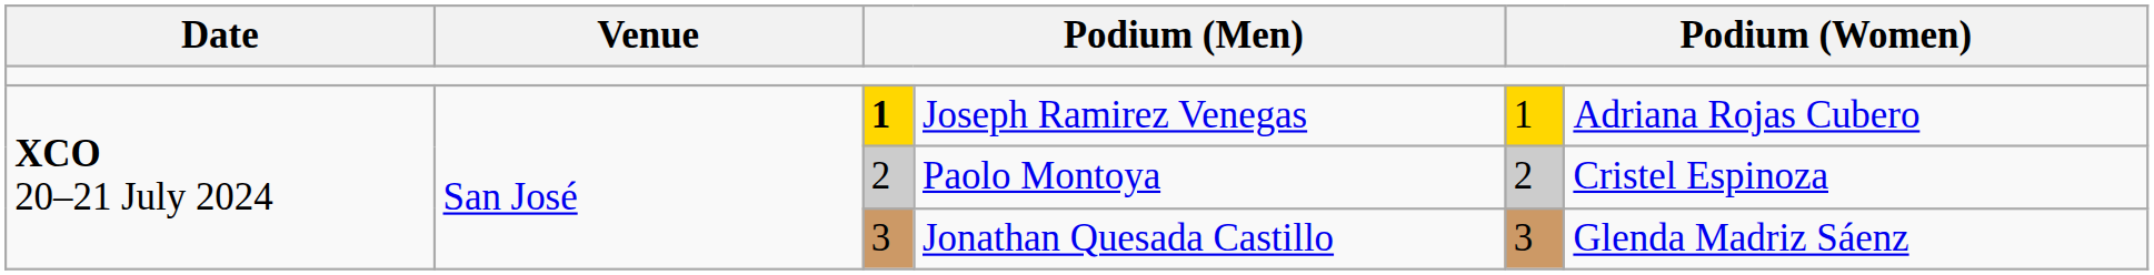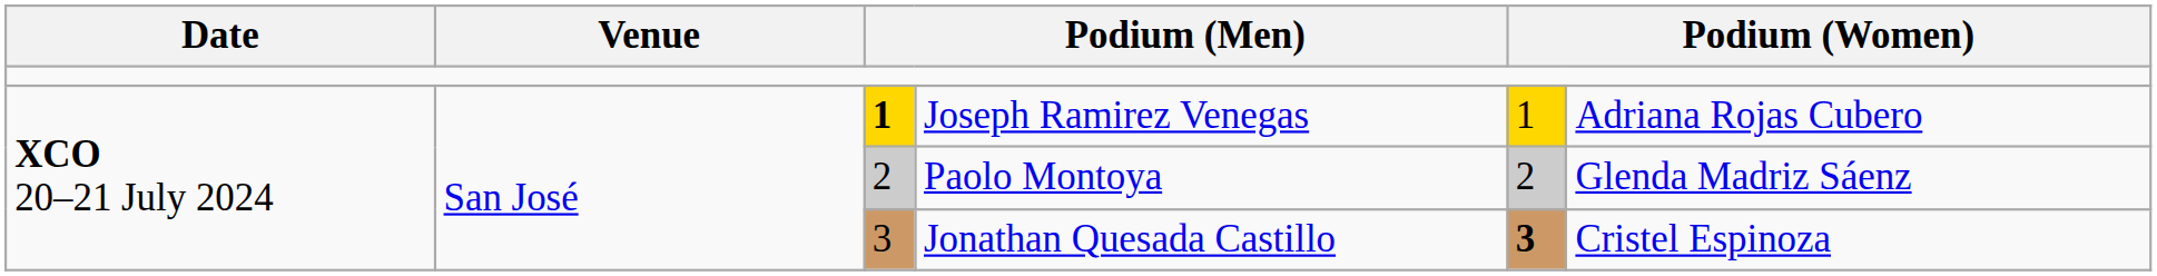 <table class="wikitable" width=70%>
 <tr>
 <th>Date</th>
 <th width=20%>Venue</th>
 <th colspan=2 width=30%>Podium (Men)</th>
 <th colspan=2 width=30%>Podium (Women)</th>
 </tr>
 <tr>
 <td colspan=6></td>
 </tr>
 <tr>
 <td rowspan=3><strong>XCO</strong> <br> 20–21 July 2024</td>
 <td rowspan=3><br><a href='#'>San José</a></td>
 <td bgcolor=FFD700><strong>1</strong></td>
 <td><a href='#'>Joseph Ramirez Venegas</a></td>
 <td bgcolor=FFD700>1</td>
 <td><a href='#'>Adriana Rojas Cubero</a></td>
 </tr>
 <tr>
 <td bgcolor=CCCCCC>2</td>
 <td><a href='#'>Paolo Montoya</a></td>
 <td bgcolor=CCCCCC>2</td>
-<td><a href='#'>Cristel Espinoza</a></td>
+<td><a href='#'>Glenda Madriz Sáenz</a></td>
 </tr>
 <tr>
 <td bgcolor=CC9966>3</td>
 <td><a href='#'>Jonathan Quesada Castillo</a></td>
-<td bgcolor=CC9966>3</td>
-<td><a href='#'>Glenda Madriz Sáenz</a></td>
+<td bgcolor=CC9966><strong>3</strong></td>
+<td><a href='#'>Cristel Espinoza</a></td>
 </tr>
 </table>
